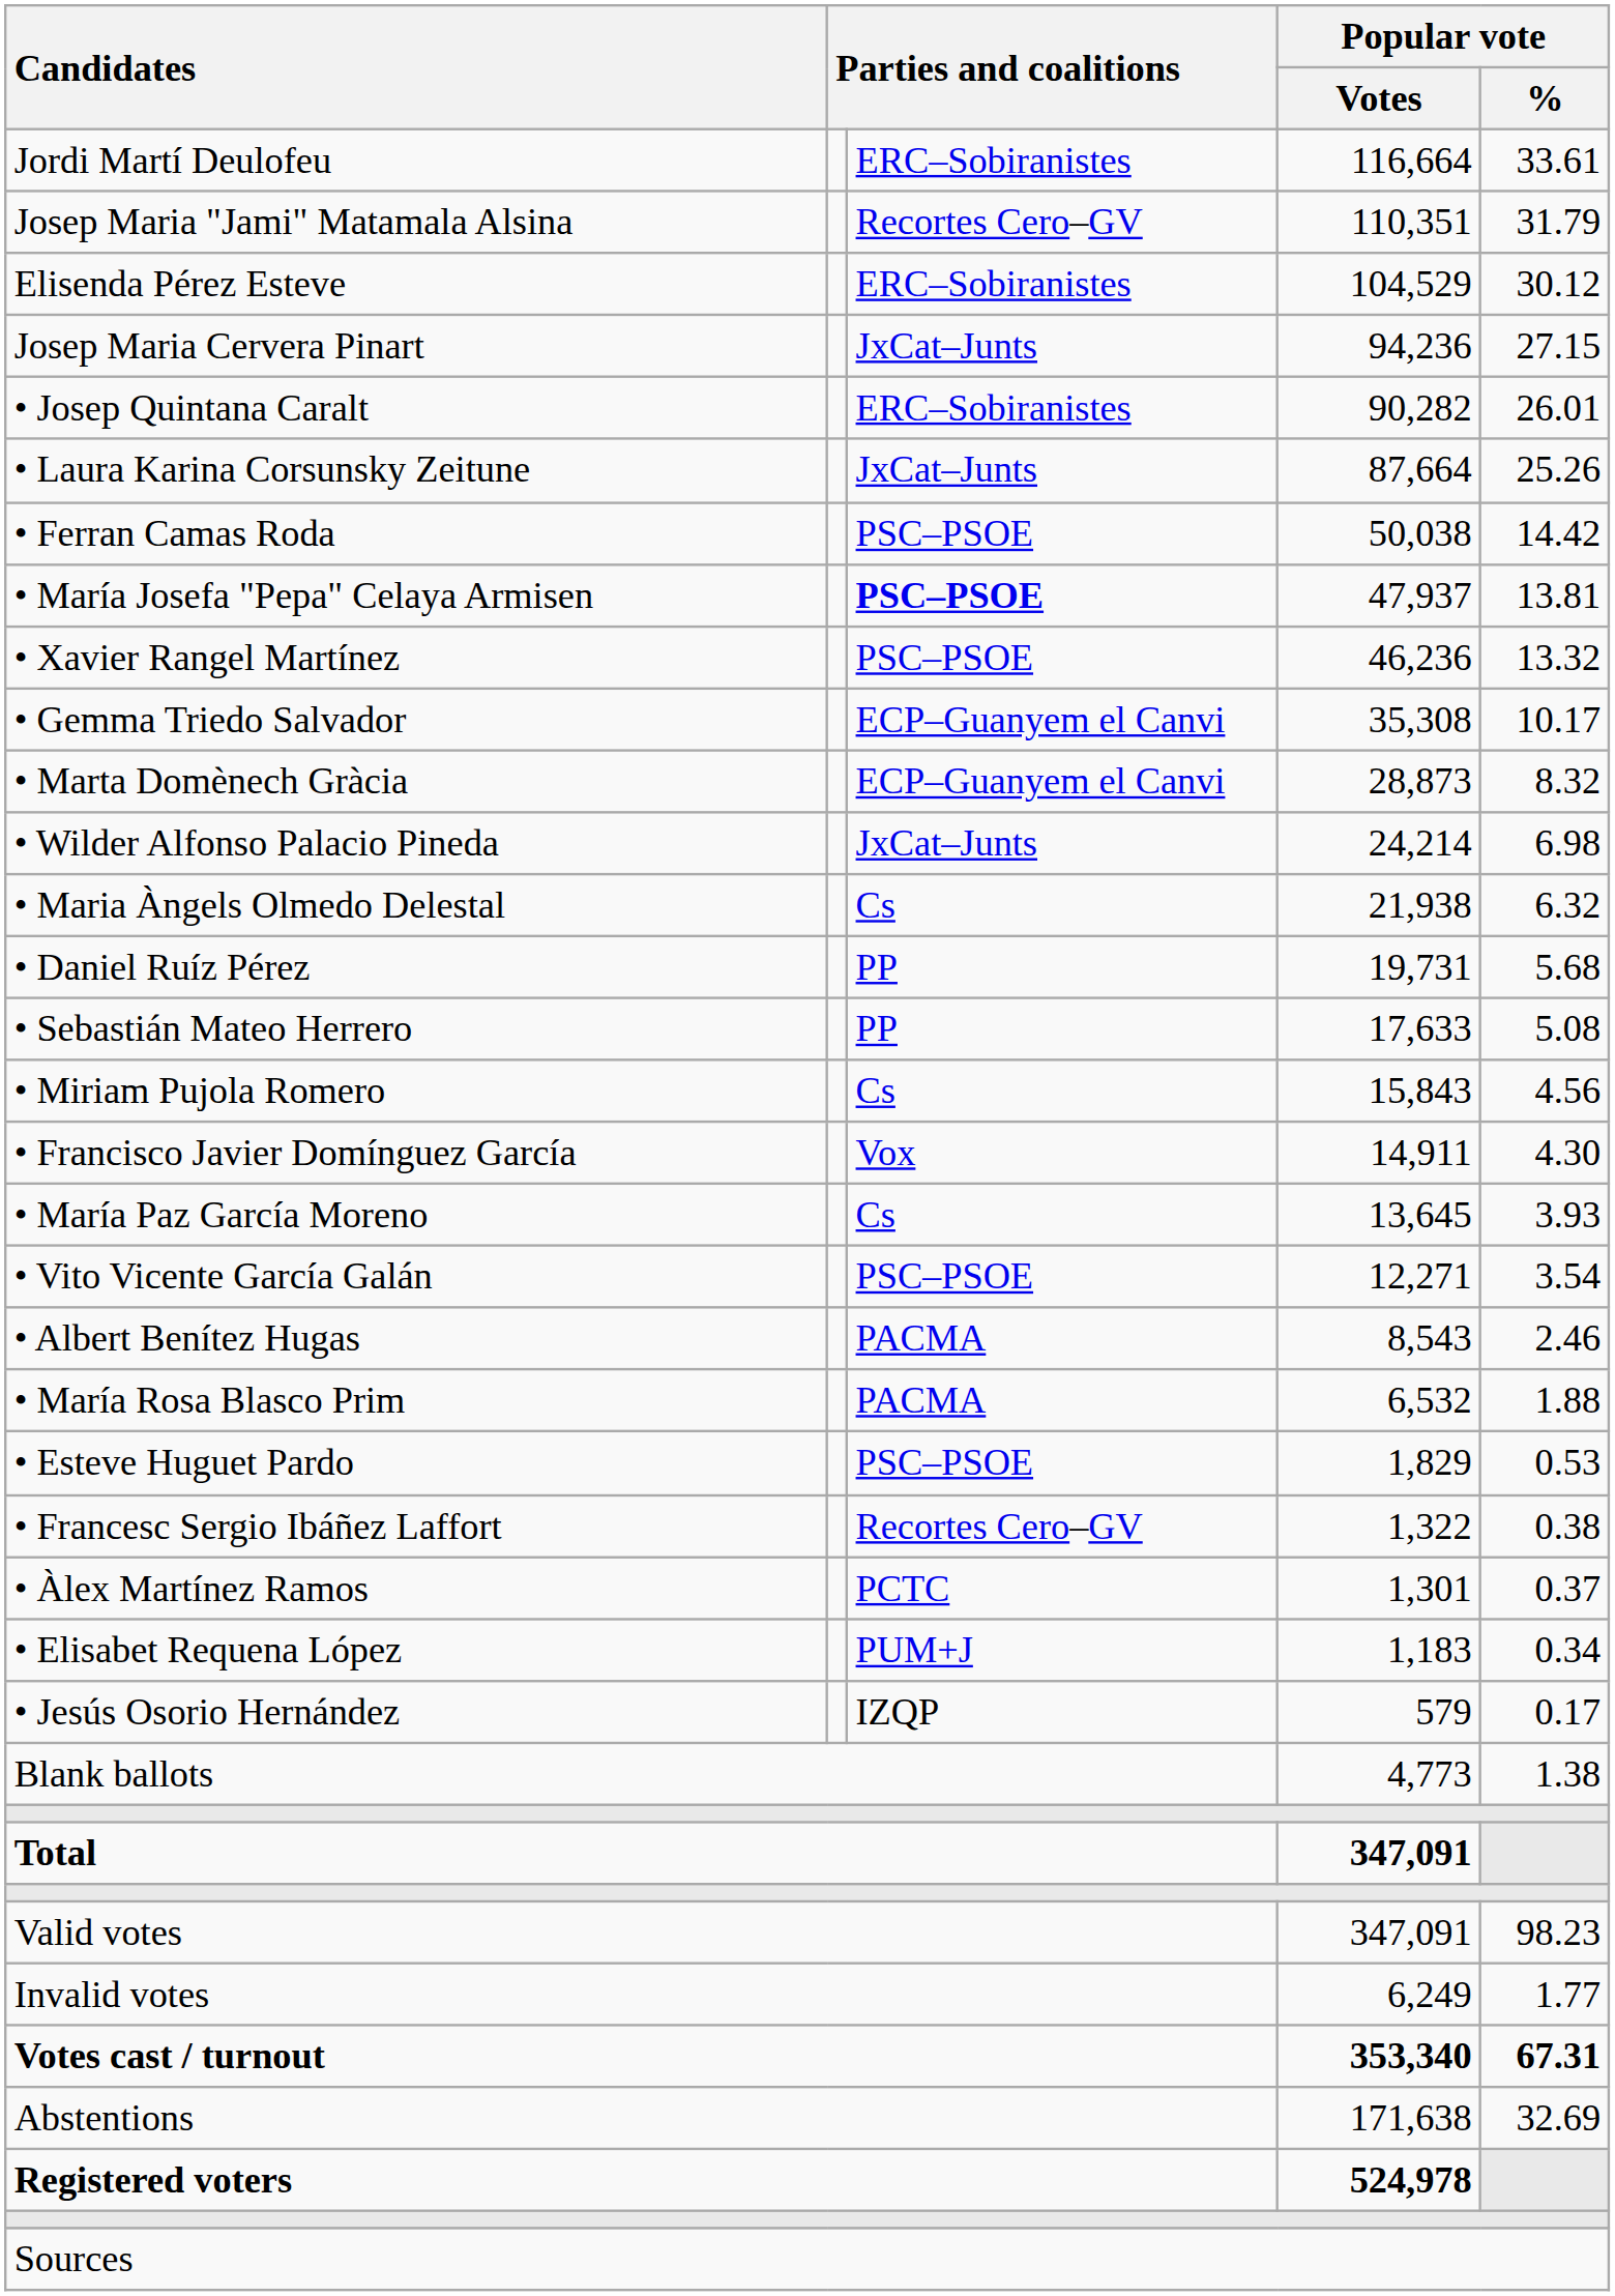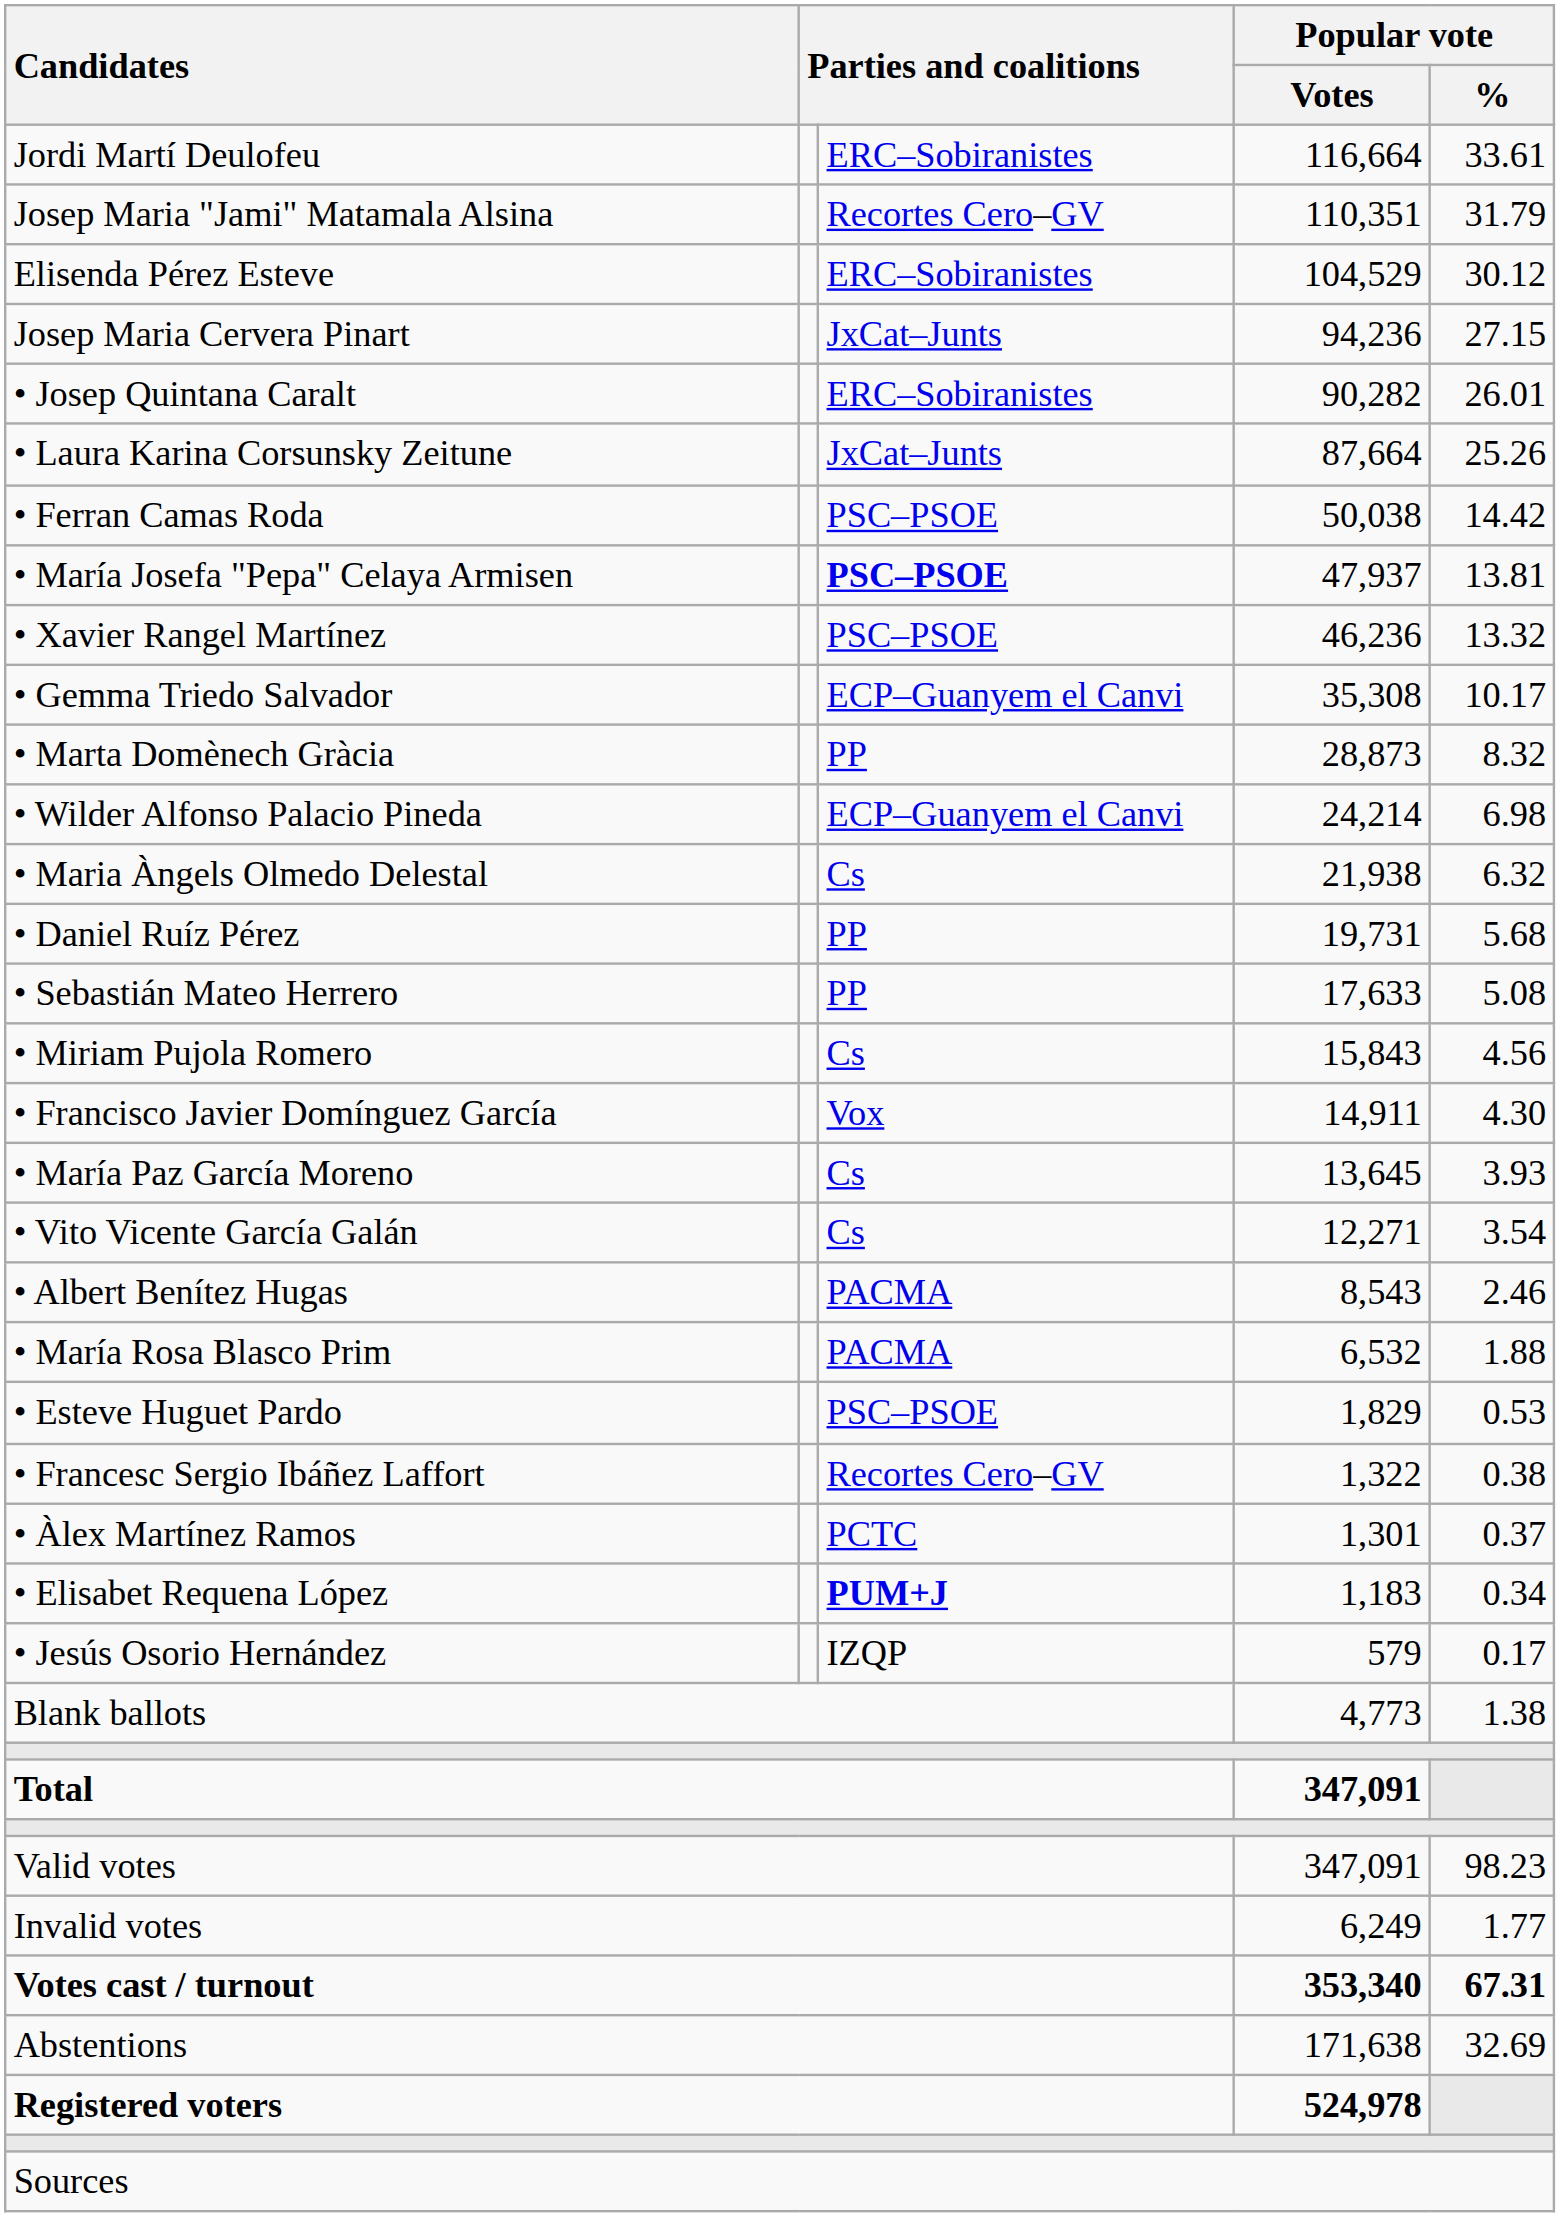 <table class="wikitable" style="text-align:right; font-size:95%;">
 <tr>
 <th style="text-align:left;" rowspan="2" width="325">Candidates</th>
 <th style="text-align:left;" rowspan="2" colspan="2" width="175">Parties and coalitions</th>
 <th colspan="2">Popular vote</th>
 </tr>
 <tr>
 <th width="75">Votes</th>
 <th width="45">%</th>
 </tr>
 <tr>
 <td align="left"> Jordi Martí Deulofeu</td>
 <td width="1" style="color:inherit;background:"></td>
 <td align="left"><a href='#'>ERC–Sobiranistes</a></td>
 <td>116,664</td>
 <td>33.61</td>
 </tr>
 <tr>
 <td align="left"> Josep Maria "Jami" Matamala Alsina</td>
 <td style="color:inherit;background:"></td>
 <td align="left"><a href='#'>Recortes Cero</a>–<a href='#'>GV</a></td>
 <td>110,351</td>
 <td>31.79</td>
 </tr>
 <tr>
 <td align="left"> Elisenda Pérez Esteve</td>
 <td style="color:inherit;background:"></td>
 <td align="left"><a href='#'>ERC–Sobiranistes</a></td>
 <td>104,529</td>
 <td>30.12</td>
 </tr>
 <tr>
 <td align="left"> Josep Maria Cervera Pinart</td>
 <td style="color:inherit;background:"></td>
 <td align="left"><a href='#'>JxCat–Junts</a></td>
 <td>94,236</td>
 <td>27.15</td>
 </tr>
 <tr>
 <td align="left">• Josep Quintana Caralt</td>
 <td style="color:inherit;background:"></td>
 <td align="left"><a href='#'>ERC–Sobiranistes</a></td>
 <td>90,282</td>
 <td>26.01</td>
 </tr>
 <tr>
 <td align="left">• Laura Karina Corsunsky Zeitune</td>
 <td style="color:inherit;background:"></td>
 <td align="left"><a href='#'>JxCat–Junts</a></td>
 <td>87,664</td>
 <td>25.26</td>
 </tr>
 <tr>
 <td align="left">• Ferran Camas Roda</td>
 <td style="color:inherit;background:"></td>
 <td align="left"><a href='#'>PSC–PSOE</a></td>
 <td>50,038</td>
 <td>14.42</td>
 </tr>
 <tr>
 <td align="left">• María Josefa "Pepa" Celaya Armisen</td>
 <td style="color:inherit;background:"></td>
 <td align="left"><strong><a href='#'>PSC–PSOE</a></strong></td>
 <td>47,937</td>
 <td>13.81</td>
 </tr>
 <tr>
 <td align="left">• Xavier Rangel Martínez</td>
 <td style="color:inherit;background:"></td>
 <td align="left"><a href='#'>PSC–PSOE</a></td>
 <td>46,236</td>
 <td>13.32</td>
 </tr>
 <tr>
 <td align="left">• Gemma Triedo Salvador</td>
 <td style="color:inherit;background:"></td>
 <td align="left"><a href='#'>ECP–Guanyem el Canvi</a></td>
 <td>35,308</td>
 <td>10.17</td>
 </tr>
 <tr>
 <td align="left">• Marta Domènech Gràcia</td>
 <td style="color:inherit;background:"></td>
-<td align="left"><a href='#'>ECP–Guanyem el Canvi</a></td>
+<td align="left"><a href='#'>PP</a></td>
 <td>28,873</td>
 <td>8.32</td>
 </tr>
 <tr>
 <td align="left">• Wilder Alfonso Palacio Pineda</td>
 <td style="color:inherit;background:"></td>
-<td align="left"><a href='#'>JxCat–Junts</a></td>
+<td align="left"><a href='#'>ECP–Guanyem el Canvi</a></td>
 <td>24,214</td>
 <td>6.98</td>
 </tr>
 <tr>
 <td align="left">• Maria Àngels Olmedo Delestal</td>
 <td style="color:inherit;background:"></td>
 <td align="left"><a href='#'>Cs</a></td>
 <td>21,938</td>
 <td>6.32</td>
 </tr>
 <tr>
 <td align="left">• Daniel Ruíz Pérez</td>
 <td style="color:inherit;background:"></td>
 <td align="left"><a href='#'>PP</a></td>
 <td>19,731</td>
 <td>5.68</td>
 </tr>
 <tr>
 <td align="left">• Sebastián Mateo Herrero</td>
 <td style="color:inherit;background:"></td>
 <td align="left"><a href='#'>PP</a></td>
 <td>17,633</td>
 <td>5.08</td>
 </tr>
 <tr>
 <td align="left">• Miriam Pujola Romero</td>
 <td style="color:inherit;background:"></td>
 <td align="left"><a href='#'>Cs</a></td>
 <td>15,843</td>
 <td>4.56</td>
 </tr>
 <tr>
 <td align="left">• Francisco Javier Domínguez García</td>
 <td style="color:inherit;background:"></td>
 <td align="left"><a href='#'>Vox</a></td>
 <td>14,911</td>
 <td>4.30</td>
 </tr>
 <tr>
 <td align="left">• María Paz García Moreno</td>
 <td style="color:inherit;background:"></td>
 <td align="left"><a href='#'>Cs</a></td>
 <td>13,645</td>
 <td>3.93</td>
 </tr>
 <tr>
 <td align="left">• Vito Vicente García Galán</td>
 <td style="color:inherit;background:"></td>
-<td align="left"><a href='#'>PSC–PSOE</a></td>
+<td align="left"><a href='#'>Cs</a></td>
 <td>12,271</td>
 <td>3.54</td>
 </tr>
 <tr>
 <td align="left">• Albert Benítez Hugas</td>
 <td style="color:inherit;background:"></td>
 <td align="left"><a href='#'>PACMA</a></td>
 <td>8,543</td>
 <td>2.46</td>
 </tr>
 <tr>
 <td align="left">• María Rosa Blasco Prim</td>
 <td style="color:inherit;background:"></td>
 <td align="left"><a href='#'>PACMA</a></td>
 <td>6,532</td>
 <td>1.88</td>
 </tr>
 <tr>
 <td align="left">• Esteve Huguet Pardo</td>
 <td style="color:inherit;background:"></td>
 <td align="left"><a href='#'>PSC–PSOE</a></td>
 <td>1,829</td>
 <td>0.53</td>
 </tr>
 <tr>
 <td align="left">• Francesc Sergio Ibáñez Laffort</td>
 <td style="color:inherit;background:"></td>
 <td align="left"><a href='#'>Recortes Cero</a>–<a href='#'>GV</a></td>
 <td>1,322</td>
 <td>0.38</td>
 </tr>
 <tr>
 <td align="left">• Àlex Martínez Ramos</td>
 <td style="color:inherit;background:"></td>
 <td align="left"><a href='#'>PCTC</a></td>
 <td>1,301</td>
 <td>0.37</td>
 </tr>
 <tr>
 <td align="left">• Elisabet Requena López</td>
 <td style="color:inherit;background:"></td>
-<td align="left"><a href='#'>PUM+J</a></td>
+<td align="left"><strong><a href='#'>PUM+J</a></strong></td>
 <td>1,183</td>
 <td>0.34</td>
 </tr>
 <tr>
 <td align="left">• Jesús Osorio Hernández</td>
 <td style="color:inherit;background:"></td>
 <td align="left">IZQP</td>
 <td>579</td>
 <td>0.17</td>
 </tr>
 <tr>
 <td align="left" colspan="3">Blank ballots</td>
 <td>4,773</td>
 <td>1.38</td>
 </tr>
 <tr>
 <td colspan="5" bgcolor="#E9E9E9"></td>
 </tr>
 <tr style="font-weight:bold;">
 <td align="left" colspan="3">Total</td>
 <td>347,091</td>
 <td bgcolor="#E9E9E9"></td>
 </tr>
 <tr>
 <td colspan="5" bgcolor="#E9E9E9"></td>
 </tr>
 <tr>
 <td align="left" colspan="3">Valid votes</td>
 <td>347,091</td>
 <td>98.23</td>
 </tr>
 <tr>
 <td align="left" colspan="3">Invalid votes</td>
 <td>6,249</td>
 <td>1.77</td>
 </tr>
 <tr style="font-weight:bold;">
 <td align="left" colspan="3">Votes cast / turnout</td>
 <td>353,340</td>
 <td>67.31</td>
 </tr>
 <tr>
 <td align="left" colspan="3">Abstentions</td>
 <td>171,638</td>
 <td>32.69</td>
 </tr>
 <tr style="font-weight:bold;">
 <td align="left" colspan="3">Registered voters</td>
 <td>524,978</td>
 <td bgcolor="#E9E9E9"></td>
 </tr>
 <tr>
 <td colspan="5" bgcolor="#E9E9E9"></td>
 </tr>
 <tr>
 <td align="left" colspan="5">Sources</td>
 </tr>
 </table>
